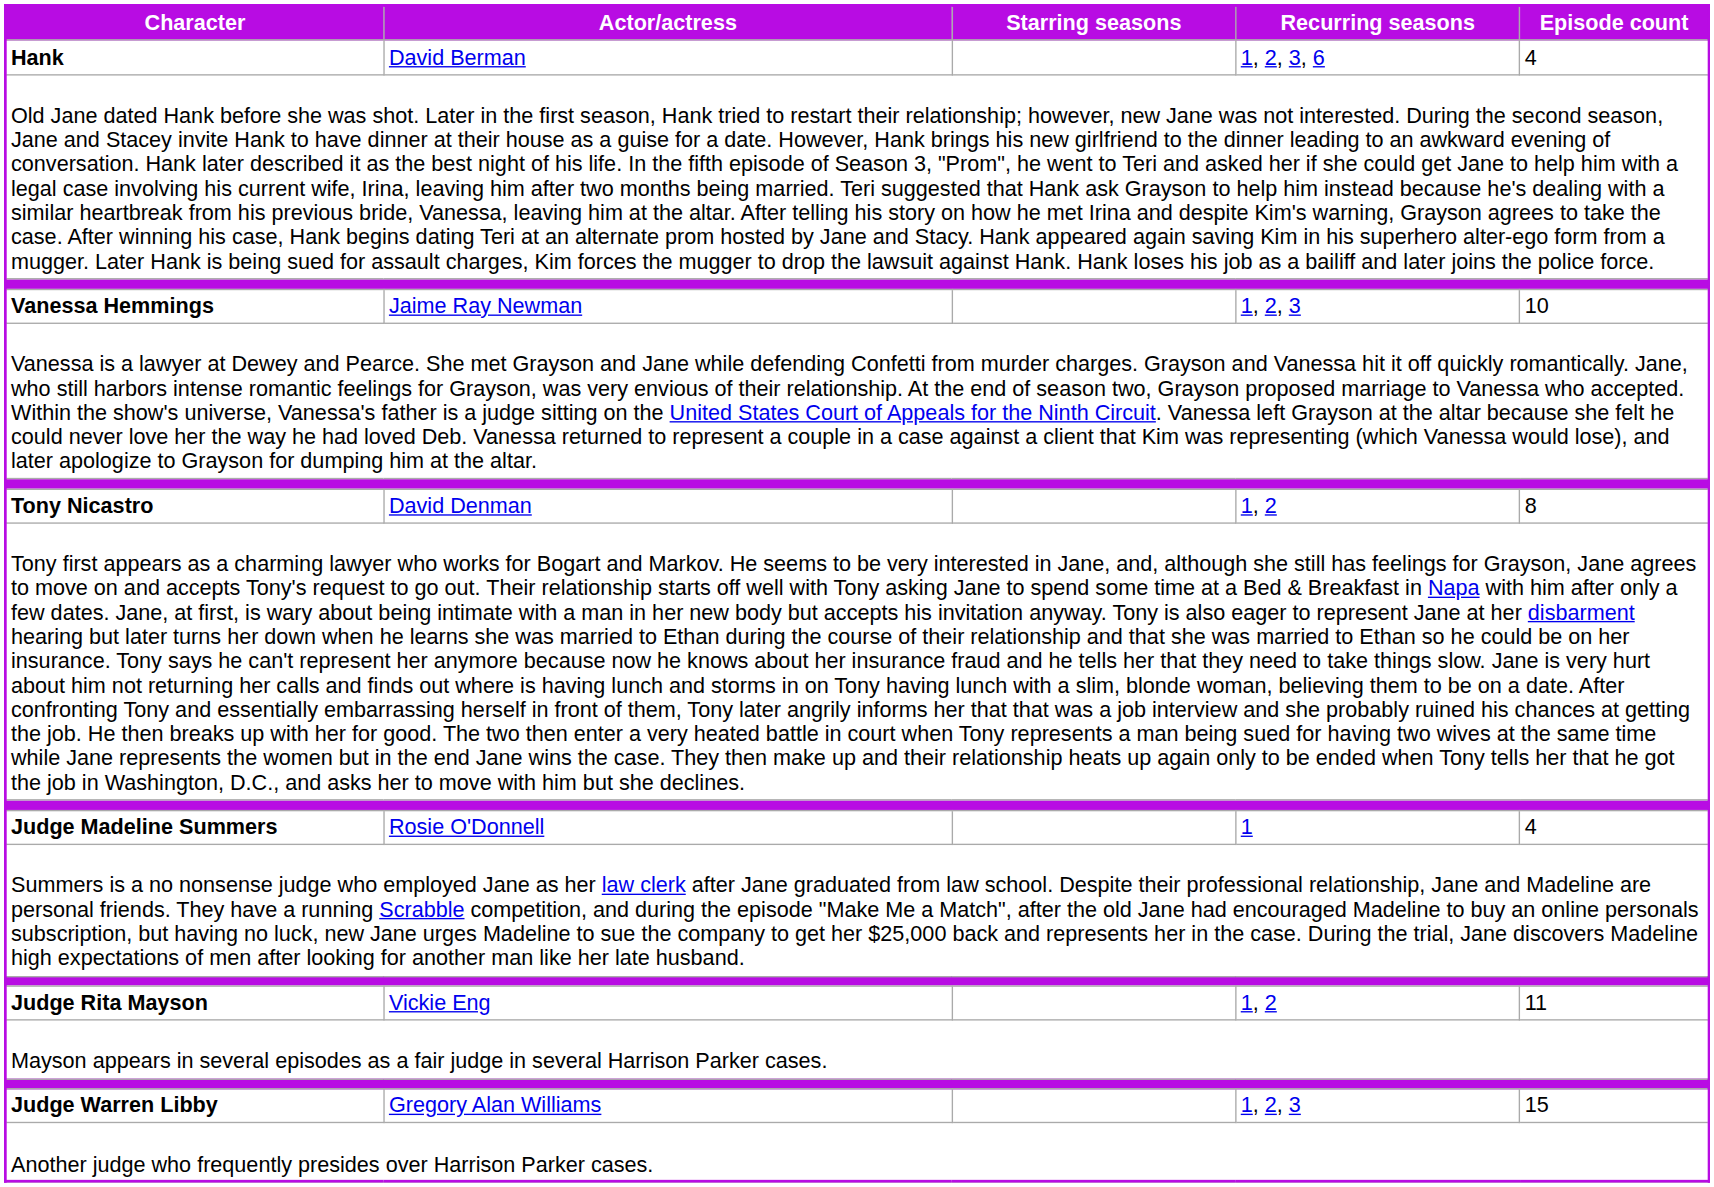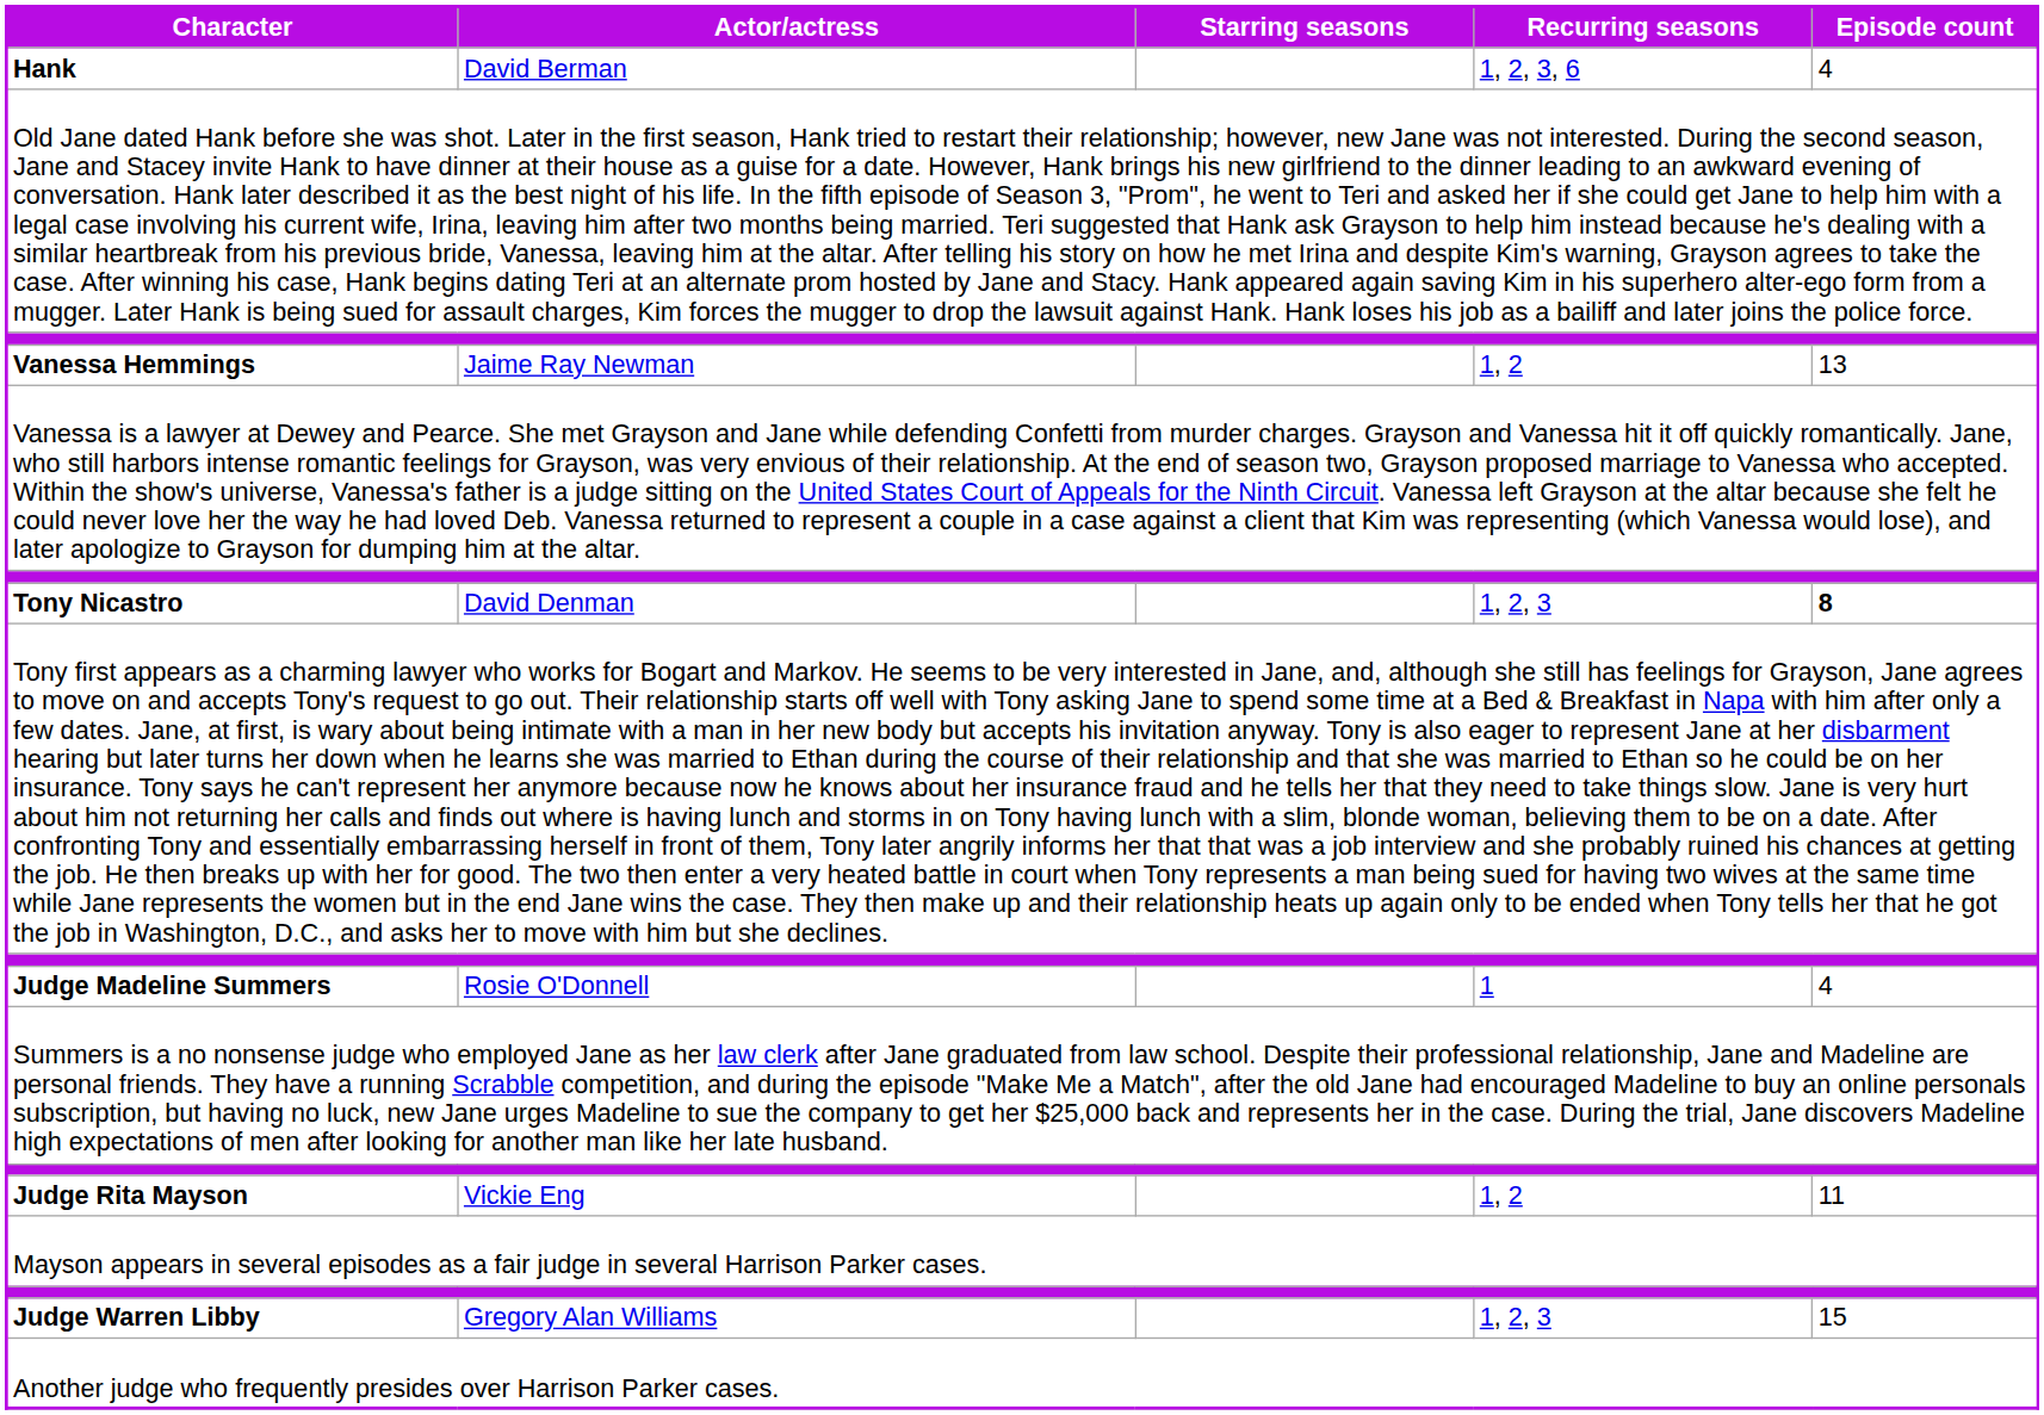 <table class="wikitable sortable collapsible" style="width:100%; margin-right:auto; background: #FFFFFF; border:2px solid #b80ce3;">
 <tr style="color:white">
 <th style="background-color:#b80ce3; width:20%">Character</th>
 <th style="background-color:#b80ce3; width:30%">Actor/actress</th>
 <th style="background-color:#b80ce3; width:15%">Starring seasons</th>
 <th style="background-color:#b80ce3; width:15%">Recurring seasons</th>
 <th style="background-color:#b80ce3; width:10%">Episode count</th>
 </tr>
 <tr>
 <td><strong>Hank</strong></td>
 <td><a href='#'>David Berman</a></td>
 <td></td>
 <td><a href='#'>1</a>, <a href='#'>2</a>, <a href='#'>3</a>, <a href='#'>6</a></td>
 <td>4</td>
 </tr>
 <tr>
 <td colspan="6"><br>Old Jane dated Hank before she was shot. Later in the first season, Hank tried to restart their relationship; however, new Jane was not interested. During the second season, Jane and Stacey invite Hank to have dinner at their house as a guise for a date. However, Hank brings his new girlfriend to the dinner leading to an awkward evening of conversation. Hank later described it as the best night of his life. In the fifth episode of Season 3, "Prom", he went to Teri and asked her if she could get Jane to help him with a legal case involving his current wife, Irina, leaving him after two months being married. Teri suggested that Hank ask Grayson to help him instead because he's dealing with a similar heartbreak from his previous bride, Vanessa, leaving him at the altar. After telling his story on how he met Irina and despite Kim's warning, Grayson agrees to take the case. After winning his case, Hank begins dating Teri at an alternate prom hosted by Jane and Stacy. Hank appeared again saving Kim in his superhero alter-ego form from a mugger. Later Hank is being sued for assault charges, Kim forces the mugger to drop the lawsuit against Hank. Hank loses his job as a bailiff and later joins the police force.</td>
 </tr>
 <tr>
 <td colspan="6" bgcolor="#b80ce3"></td>
 </tr>
 <tr>
 <td><strong>Vanessa Hemmings</strong></td>
 <td><a href='#'>Jaime Ray Newman</a></td>
 <td></td>
-<td><a href='#'>1</a>, <a href='#'>2</a>, <a href='#'>3</a></td>
-<td>10</td>
+<td><a href='#'>1</a>, <a href='#'>2</a></td>
+<td>13</td>
 </tr>
 <tr>
 <td colspan="6"><br> Vanessa is a lawyer at Dewey and Pearce. She met Grayson and Jane while defending Confetti from murder charges. Grayson and Vanessa hit it off quickly romantically. Jane, who still harbors intense romantic feelings for Grayson, was very envious of their relationship. At the end of season two, Grayson proposed marriage to Vanessa who accepted. Within the show's universe, Vanessa's father is a judge sitting on the <a href='#'>United States Court of Appeals for the Ninth Circuit</a>. Vanessa left Grayson at the altar because she felt he could never love her the way he had loved Deb. Vanessa returned to represent a couple in a case against a client that Kim was representing (which Vanessa would lose), and later apologize to Grayson for dumping him at the altar.</td>
 </tr>
 <tr>
 <td colspan="6" bgcolor="#b80ce3"></td>
 </tr>
 <tr>
 <td><strong>Tony Nicastro</strong></td>
 <td><a href='#'>David Denman</a></td>
 <td></td>
-<td><a href='#'>1</a>, <a href='#'>2</a></td>
-<td>8</td>
+<td><a href='#'>1</a>, <a href='#'>2</a>, <a href='#'>3</a></td>
+<td><strong>8</strong></td>
 </tr>
 <tr>
 <td colspan="6"><br> Tony first appears as a charming lawyer who works for Bogart and Markov. He seems to be very interested in Jane, and, although she still has feelings for Grayson, Jane agrees to move on and accepts Tony's request to go out. Their relationship starts off well with Tony asking Jane to spend some time at a Bed & Breakfast in <a href='#'>Napa</a> with him after only a few dates. Jane, at first, is wary about being intimate with a man in her new body but accepts his invitation anyway. Tony is also eager to represent Jane at her <a href='#'>disbarment</a> hearing but later turns her down when he learns she was married to Ethan during the course of their relationship and that she was married to Ethan so he could be on her insurance. Tony says he can't represent her anymore because now he knows about her insurance fraud and he tells her that they need to take things slow. Jane is very hurt about him not returning her calls and finds out where is having lunch and storms in on Tony having lunch with a slim, blonde woman, believing them to be on a date. After confronting Tony and essentially embarrassing herself in front of them, Tony later angrily informs her that that was a job interview and she probably ruined his chances at getting the job. He then breaks up with her for good. The two then enter a very heated battle in court when Tony represents a man being sued for having two wives at the same time while Jane represents the women but in the end Jane wins the case. They then make up and their relationship heats up again only to be ended when Tony tells her that he got the job in Washington, D.C., and asks her to move with him but she declines.</td>
 </tr>
 <tr>
 <td colspan="6" bgcolor="#b80ce3"></td>
 </tr>
 <tr>
 <td><strong>Judge Madeline Summers</strong></td>
 <td><a href='#'>Rosie O'Donnell</a></td>
 <td></td>
 <td><a href='#'>1</a></td>
 <td>4</td>
 </tr>
 <tr>
 <td colspan="6"><br> Summers is a no nonsense judge who employed Jane as her <a href='#'>law clerk</a> after Jane graduated from law school. Despite their professional relationship, Jane and Madeline are personal friends. They have a running <a href='#'>Scrabble</a> competition, and during the episode "Make Me a Match", after the old Jane had encouraged Madeline to buy an online personals subscription, but having no luck, new Jane urges Madeline to sue the company to get her $25,000 back and represents her in the case. During the trial, Jane discovers Madeline high expectations of men after looking for another man like her late husband.</td>
 </tr>
 <tr>
 <td colspan="6" bgcolor="#b80ce3"></td>
 </tr>
 <tr>
 <td><strong>Judge Rita Mayson</strong></td>
 <td><a href='#'>Vickie Eng</a></td>
 <td></td>
 <td><a href='#'>1</a>, <a href='#'>2</a></td>
 <td>11</td>
 </tr>
 <tr>
 <td colspan="6"><br>Mayson appears in several episodes as a fair judge in several Harrison Parker cases.</td>
 </tr>
 <tr>
 <td colspan="6" bgcolor="#b80ce3"></td>
 </tr>
 <tr>
 <td><strong>Judge Warren Libby</strong></td>
 <td><a href='#'>Gregory Alan Williams</a></td>
 <td></td>
 <td><a href='#'>1</a>, <a href='#'>2</a>, <a href='#'>3</a></td>
 <td>15</td>
 </tr>
 <tr>
 <td colspan="6"><br>Another judge who frequently presides over Harrison Parker cases.</td>
 </tr>
 <tr>
 </tr>
 </table>
